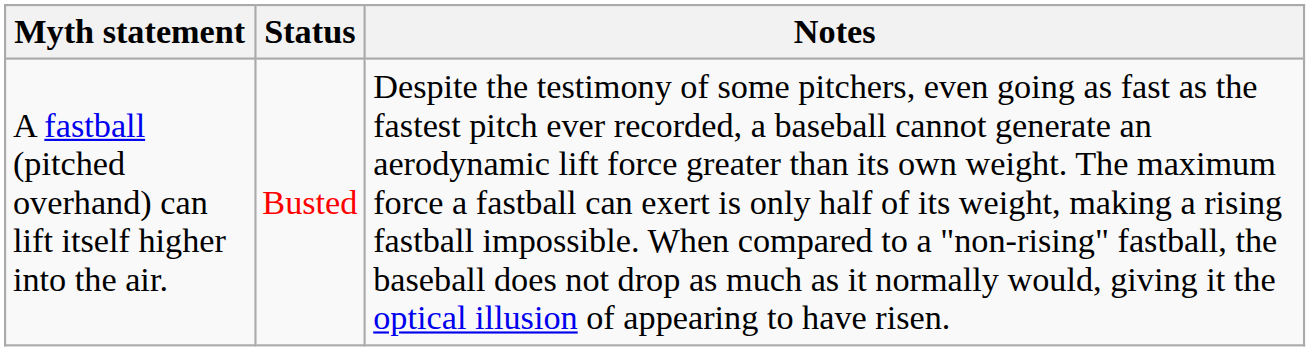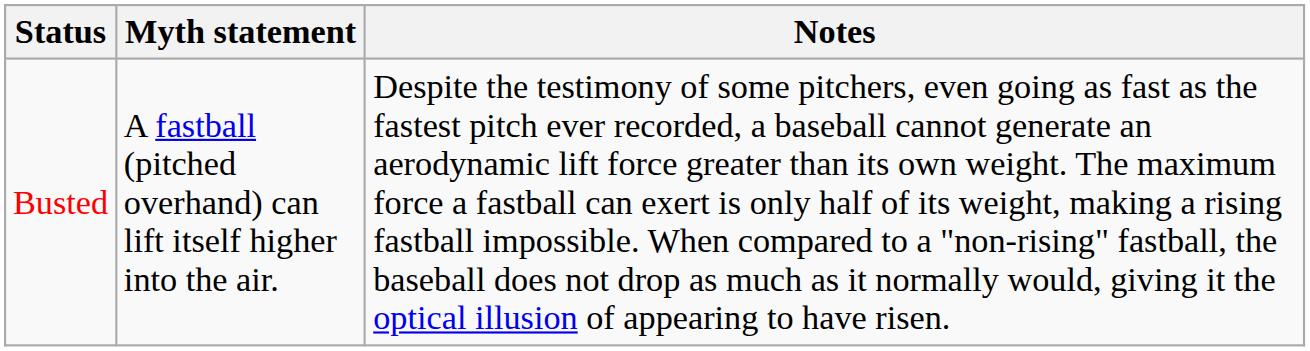 <table class="wikitable plainrowheaders">
 <tr>
+<th>Status</th>
 <th>Myth statement</th>
-<th>Status</th>
 <th>Notes</th>
 </tr>
 <tr>
+<td style="color:red">Busted</td>
 <td>A <a href='#'>fastball</a> (pitched overhand) can lift itself higher into the air.</td>
-<td style="color:red">Busted</td>
 <td>Despite the testimony of some pitchers, even going as fast as the fastest pitch ever recorded, a baseball cannot generate an aerodynamic lift force greater than its own weight. The maximum force a fastball can exert is only half of its weight, making a rising fastball impossible. When compared to a "non-rising" fastball, the baseball does not drop as much as it normally would, giving it the <a href='#'>optical illusion</a> of appearing to have risen.</td>
 </tr>
 </table>
